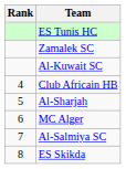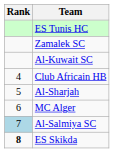 <table class="wikitable">
 <tr>
 <th>Rank</th>
 <th>Team</th>
 </tr>
 <tr bgcolor=ccffcc>
 <td align=center></td>
 <td> <a href='#'>ES Tunis HC</a></td>
 </tr>
 <tr>
 <td align=center></td>
 <td> <a href='#'>Zamalek SC</a></td>
 </tr>
 <tr>
 <td align=center></td>
 <td> <a href='#'>Al-Kuwait SC</a></td>
 </tr>
 <tr>
 <td align=center>4</td>
 <td> <a href='#'>Club Africain HB</a></td>
 </tr>
 <tr>
 <td align=center>5</td>
 <td> <a href='#'>Al-Sharjah</a></td>
 </tr>
 <tr>
 <td align=center>6</td>
 <td> <a href='#'>MC Alger</a></td>
 </tr>
 <tr>
-<td align=center>7</td>
+<td align=center style="background: lightblue;">7</td>
 <td> <a href='#'>Al-Salmiya SC</a></td>
 </tr>
 <tr>
-<td align=center>8</td>
+<td align=center><strong>8</strong></td>
 <td> <a href='#'>ES Skikda</a></td>
 </tr>
 </table>
